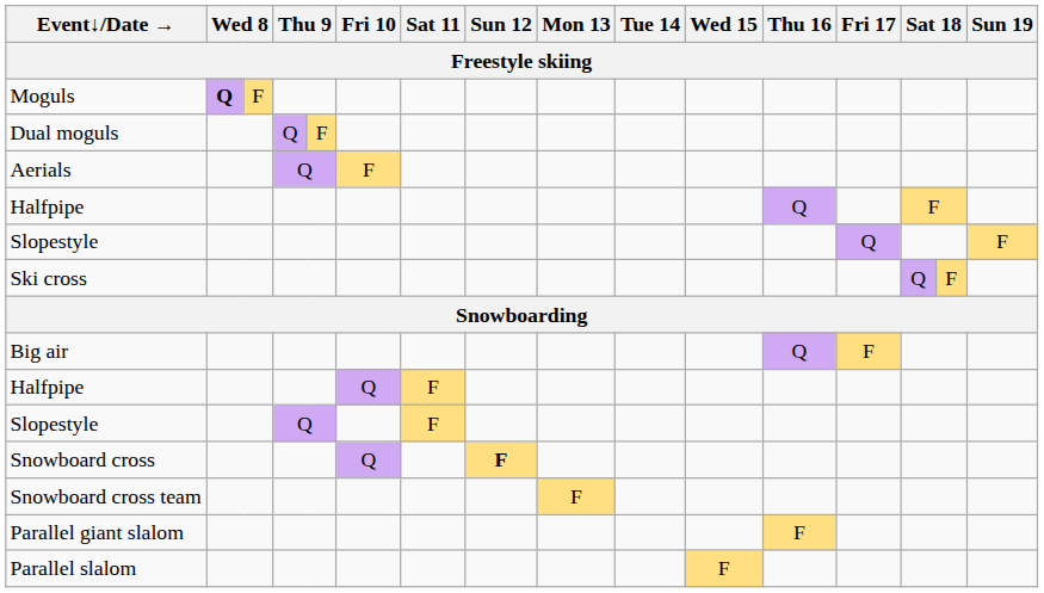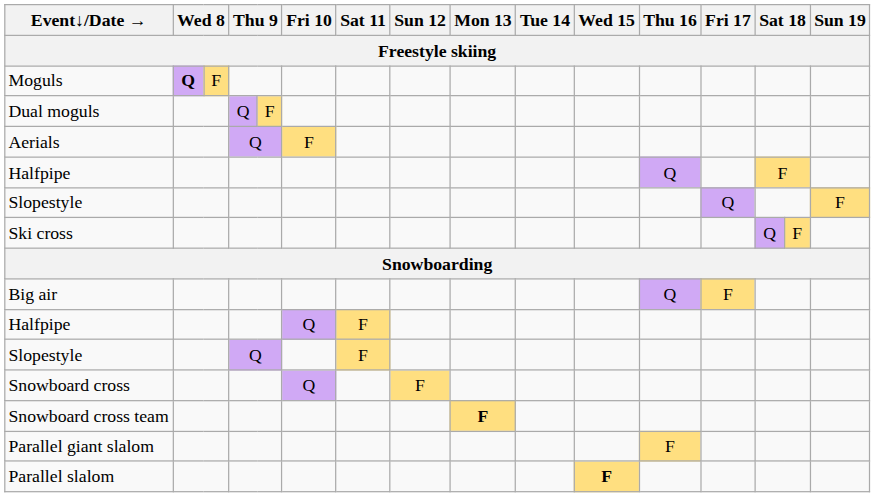 <table class="wikitable" style="margin:0.5em auto; font-size:90%; line-height:1.25em;">
 <tr style="text-align:center;">
 <th>Event↓/Date →</th>
 <th colspan=2>Wed 8</th>
 <th colspan=2>Thu 9</th>
 <th>Fri 10</th>
 <th>Sat 11</th>
 <th>Sun 12</th>
 <th>Mon 13</th>
 <th>Tue 14</th>
 <th>Wed 15</th>
 <th>Thu 16</th>
 <th>Fri 17</th>
 <th colspan=2>Sat 18</th>
 <th>Sun 19</th>
 </tr>
 <tr>
 <th colspan="16"><strong>Freestyle skiing</strong></th>
 </tr>
 <tr style="text-align:center;">
 <td style="text-align:left;">Moguls</td>
 <td style="background-color:#D0A9F5;"><strong>Q</strong></td>
 <td style="background-color:#FFDF80;">F</td>
 <td colspan=2></td>
 <td></td>
 <td></td>
 <td></td>
 <td></td>
 <td></td>
 <td></td>
 <td></td>
 <td></td>
 <td colspan=2></td>
 <td></td>
 </tr>
 <tr style="text-align:center;">
 <td style="text-align:left;">Dual moguls</td>
 <td colspan="2"></td>
 <td style="background-color:#D0A9F5;">Q</td>
 <td style="background-color:#FFDF80;">F</td>
 <td></td>
 <td></td>
 <td></td>
 <td></td>
 <td></td>
 <td></td>
 <td></td>
 <td></td>
 <td colspan=2></td>
 <td></td>
 </tr>
 <tr style="text-align:center;">
 <td style="text-align:left;">Aerials</td>
 <td colspan=2></td>
 <td colspan=2 style="background-color:#D0A9F5;">Q</td>
 <td style="background-color:#FFDF80;">F</td>
 <td></td>
 <td></td>
 <td></td>
 <td></td>
 <td></td>
 <td></td>
 <td></td>
 <td colspan=2></td>
 <td></td>
 </tr>
 <tr style="text-align:center;">
 <td style="text-align:left;">Halfpipe</td>
 <td colspan="2"></td>
 <td colspan=2></td>
 <td></td>
 <td></td>
 <td></td>
 <td></td>
 <td></td>
 <td></td>
 <td style="background-color:#D0A9F5;">Q</td>
 <td></td>
 <td colspan=2 style="background-color:#FFDF80;">F</td>
 <td></td>
 </tr>
 <tr style="text-align:center;">
 <td style="text-align:left;">Slopestyle</td>
 <td colspan="2"></td>
 <td colspan=2></td>
 <td></td>
 <td></td>
 <td></td>
 <td></td>
 <td></td>
 <td></td>
 <td></td>
 <td style="background-color:#D0A9F5;">Q</td>
 <td colspan=2></td>
 <td style="background-color:#FFDF80;">F</td>
 </tr>
 <tr style="text-align:center;">
 <td style="text-align:left;">Ski cross</td>
 <td colspan=2></td>
 <td colspan=2></td>
 <td></td>
 <td></td>
 <td></td>
 <td></td>
 <td></td>
 <td></td>
 <td></td>
 <td></td>
 <td style="background-color:#D0A9F5;">Q</td>
 <td style="background-color:#FFDF80;">F</td>
 <td></td>
 </tr>
 <tr>
 <th colspan="16">Snowboarding</th>
 </tr>
 <tr style="text-align:center;">
 <td style="text-align:left;">Big air</td>
 <td colspan=2></td>
 <td colspan=2></td>
 <td></td>
 <td></td>
 <td></td>
 <td></td>
 <td></td>
 <td></td>
 <td style="background-color:#D0A9F5;">Q</td>
 <td style="background-color:#FFDF80;">F</td>
 <td colspan=2></td>
 <td></td>
 </tr>
 <tr style="text-align:center;">
 <td style="text-align:left;">Halfpipe</td>
 <td colspan="2"></td>
 <td colspan=2></td>
 <td style="background-color:#D0A9F5;">Q</td>
 <td style="background-color:#FFDF80;">F</td>
 <td></td>
 <td></td>
 <td></td>
 <td></td>
 <td></td>
 <td></td>
 <td colspan=2></td>
 <td></td>
 </tr>
 <tr style="text-align:center;">
 <td style="text-align:left;">Slopestyle</td>
 <td colspan="2"></td>
 <td colspan=2 style="background-color:#D0A9F5;">Q</td>
 <td></td>
 <td style="background-color:#FFDF80;">F</td>
 <td></td>
 <td></td>
 <td></td>
 <td></td>
 <td></td>
 <td></td>
 <td colspan=2></td>
 <td></td>
 </tr>
 <tr style="text-align:center;">
 <td style="text-align:left;">Snowboard cross</td>
 <td colspan=2></td>
 <td colspan=2></td>
 <td style="background-color:#D0A9F5;">Q</td>
 <td></td>
-<td style="background-color:#FFDF80;"><strong>F</strong></td>
+<td style="background-color:#FFDF80;">F</td>
 <td></td>
 <td></td>
 <td></td>
 <td></td>
 <td></td>
 <td colspan=2></td>
 <td></td>
 </tr>
 <tr style="text-align:center;">
 <td style="text-align:left;">Snowboard cross team</td>
 <td colspan=2></td>
 <td colspan=2></td>
 <td></td>
 <td></td>
 <td></td>
-<td style="background-color:#FFDF80;">F</td>
+<td style="background-color:#FFDF80;"><strong>F</strong></td>
 <td></td>
 <td></td>
 <td></td>
 <td></td>
 <td colspan=2></td>
 <td></td>
 </tr>
 <tr style="text-align:center;">
 <td style="text-align:left;">Parallel giant slalom</td>
 <td colspan=2></td>
 <td colspan=2></td>
 <td></td>
 <td></td>
 <td></td>
 <td></td>
 <td></td>
 <td></td>
 <td style="background-color:#FFDF80;">F</td>
 <td></td>
 <td colspan=2></td>
 <td></td>
 </tr>
 <tr style="text-align:center;">
 <td style="text-align:left;">Parallel slalom</td>
 <td colspan=2></td>
 <td colspan=2></td>
 <td></td>
 <td></td>
 <td></td>
 <td></td>
 <td></td>
-<td style="background-color:#FFDF80;">F</td>
+<td style="background-color:#FFDF80;"><strong>F</strong></td>
 <td></td>
 <td></td>
 <td colspan=2></td>
 <td></td>
 </tr>
 </table>
